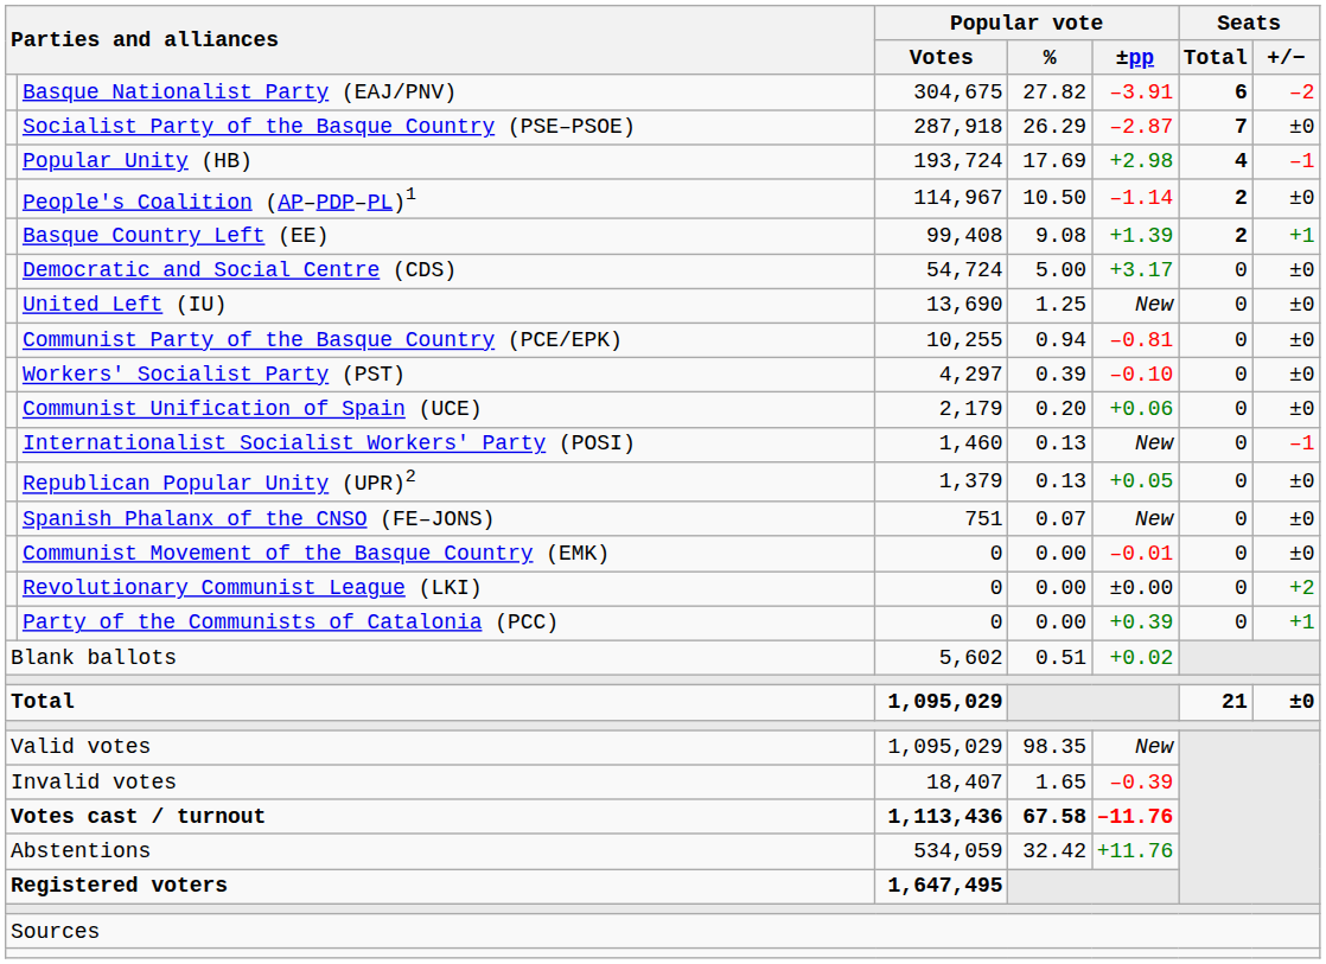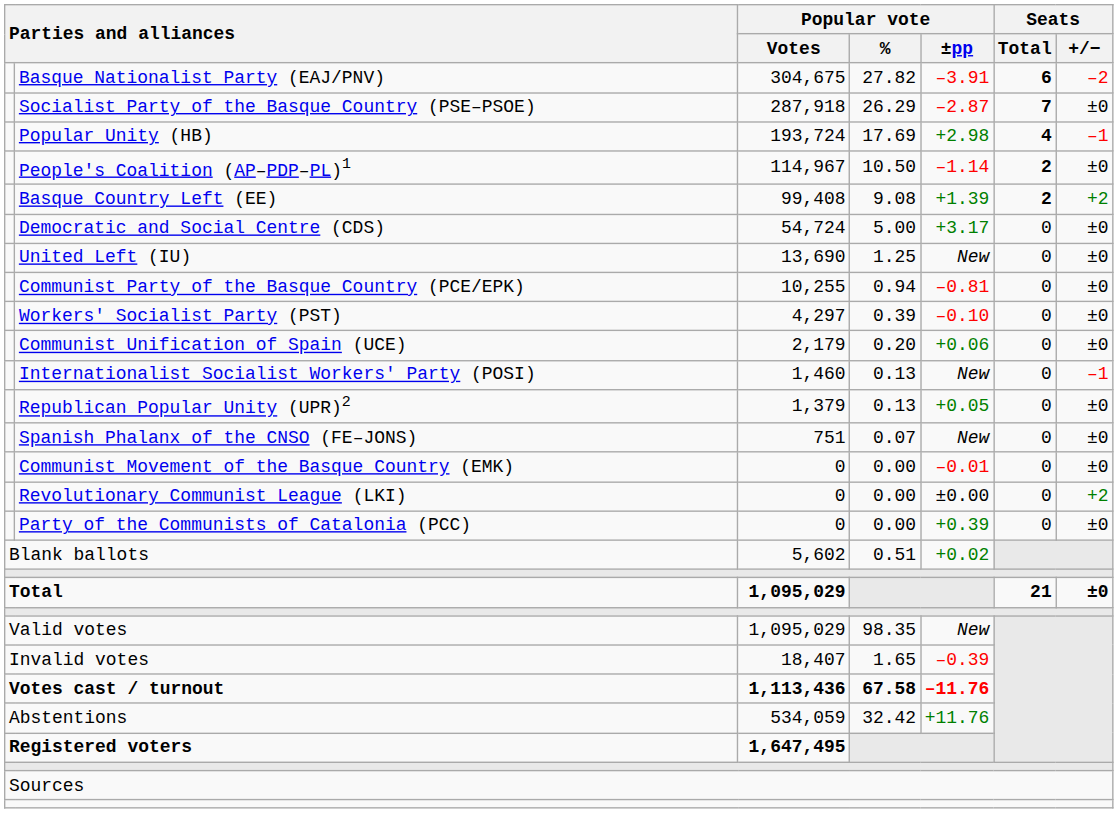 <table class="wikitable" style="text-align:right;">
 <tr>
 <th style="text-align:left;" rowspan="2" colspan="2" width="525">Parties and alliances</th>
 <th colspan="3">Popular vote</th>
 <th colspan="2">Seats</th>
 </tr>
 <tr>
 <th width="75">Votes</th>
 <th width="45">%</th>
 <th width="45">±<a href='#'>pp</a></th>
 <th width="35">Total</th>
 <th width="35">+/−</th>
 </tr>
 <tr>
 <td width="1" style="color:inherit;background:"></td>
 <td align="left"><a href='#'>Basque Nationalist Party</a> (EAJ/PNV)</td>
 <td>304,675</td>
 <td>27.82</td>
 <td style="color:red;">–3.91</td>
 <td><strong>6</strong></td>
 <td style="color:red;">–2</td>
 </tr>
 <tr>
 <td style="color:inherit;background:"></td>
 <td align="left"><a href='#'>Socialist Party of the Basque Country</a> (PSE–PSOE)</td>
 <td>287,918</td>
 <td>26.29</td>
 <td style="color:red;">–2.87</td>
 <td><strong>7</strong></td>
 <td>±0</td>
 </tr>
 <tr>
 <td style="color:inherit;background:"></td>
 <td align="left"><a href='#'>Popular Unity</a> (HB)</td>
 <td>193,724</td>
 <td>17.69</td>
 <td style="color:green;">+2.98</td>
 <td><strong>4</strong></td>
 <td style="color:red;">–1</td>
 </tr>
 <tr>
 <td style="color:inherit;background:"></td>
 <td align="left"><a href='#'>People's Coalition</a> (<a href='#'>AP</a>–<a href='#'>PDP</a>–<a href='#'>PL</a>)<sup>1</sup></td>
 <td>114,967</td>
 <td>10.50</td>
 <td style="color:red;">–1.14</td>
 <td><strong>2</strong></td>
 <td>±0</td>
 </tr>
 <tr>
 <td style="color:inherit;background:"></td>
 <td align="left"><a href='#'>Basque Country Left</a> (EE)</td>
 <td>99,408</td>
 <td>9.08</td>
 <td style="color:green;">+1.39</td>
 <td><strong>2</strong></td>
-<td style="color:green;">+1</td>
+<td style="color:green;">+2</td>
 </tr>
 <tr>
 <td style="color:inherit;background:"></td>
 <td align="left"><a href='#'>Democratic and Social Centre</a> (CDS)</td>
 <td>54,724</td>
 <td>5.00</td>
 <td style="color:green;">+3.17</td>
 <td>0</td>
 <td>±0</td>
 </tr>
 <tr>
 <td style="color:inherit;background:"></td>
 <td align="left"><a href='#'>United Left</a> (IU)</td>
 <td>13,690</td>
 <td>1.25</td>
 <td><em>New</em></td>
 <td>0</td>
 <td>±0</td>
 </tr>
 <tr>
 <td style="color:inherit;background:"></td>
 <td align="left"><a href='#'>Communist Party of the Basque Country</a> (PCE/EPK)</td>
 <td>10,255</td>
 <td>0.94</td>
 <td style="color:red;">–0.81</td>
 <td>0</td>
 <td>±0</td>
 </tr>
 <tr>
 <td style="color:inherit;background:"></td>
 <td align="left"><a href='#'>Workers' Socialist Party</a> (PST)</td>
 <td>4,297</td>
 <td>0.39</td>
 <td style="color:red;">–0.10</td>
 <td>0</td>
 <td>±0</td>
 </tr>
 <tr>
 <td style="color:inherit;background:"></td>
 <td align="left"><a href='#'>Communist Unification of Spain</a> (UCE)</td>
 <td>2,179</td>
 <td>0.20</td>
 <td style="color:green;">+0.06</td>
 <td>0</td>
 <td>±0</td>
 </tr>
 <tr>
 <td style="color:inherit;background:"></td>
 <td align="left"><a href='#'>Internationalist Socialist Workers' Party</a> (POSI)</td>
 <td>1,460</td>
 <td>0.13</td>
 <td><em>New</em></td>
 <td>0</td>
 <td style="color:red;">–1</td>
 </tr>
 <tr>
 <td style="color:inherit;background:"></td>
 <td align="left"><a href='#'>Republican Popular Unity</a> (UPR)<sup>2</sup></td>
 <td>1,379</td>
 <td>0.13</td>
 <td style="color:green;">+0.05</td>
 <td>0</td>
 <td>±0</td>
 </tr>
 <tr>
 <td style="color:inherit;background:"></td>
 <td align="left"><a href='#'>Spanish Phalanx of the CNSO</a> (FE–JONS)</td>
 <td>751</td>
 <td>0.07</td>
 <td><em>New</em></td>
 <td>0</td>
 <td>±0</td>
 </tr>
 <tr>
 <td style="color:inherit;background:"></td>
 <td align="left"><a href='#'>Communist Movement of the Basque Country</a> (EMK)</td>
 <td>0</td>
 <td>0.00</td>
 <td style="color:red;">–0.01</td>
 <td>0</td>
 <td>±0</td>
 </tr>
 <tr>
 <td style="color:inherit;background:"></td>
 <td align="left"><a href='#'>Revolutionary Communist League</a> (LKI)</td>
 <td>0</td>
 <td>0.00</td>
 <td>±0.00</td>
 <td>0</td>
 <td style="color:green;">+2</td>
 </tr>
 <tr>
 <td style="color:inherit;background:"></td>
 <td align="left"><a href='#'>Party of the Communists of Catalonia</a> (PCC)</td>
 <td>0</td>
 <td>0.00</td>
 <td style="color:green;">+0.39</td>
 <td>0</td>
-<td style="color:green;">+1</td>
+<td>±0</td>
 </tr>
 <tr>
 <td align="left" colspan="2">Blank ballots</td>
 <td>5,602</td>
 <td>0.51</td>
 <td style="color:green;">+0.02</td>
 <td bgcolor="#E9E9E9" colspan="2"></td>
 </tr>
 <tr>
 <td colspan="7" bgcolor="#E9E9E9"></td>
 </tr>
 <tr style="font-weight:bold;">
 <td align="left" colspan="2">Total</td>
 <td>1,095,029</td>
 <td bgcolor="#E9E9E9" colspan="2"></td>
 <td>21</td>
 <td>±0</td>
 </tr>
 <tr>
 <td colspan="7" bgcolor="#E9E9E9"></td>
 </tr>
 <tr>
 <td align="left" colspan="2">Valid votes</td>
 <td>1,095,029</td>
 <td>98.35</td>
 <td><em>New</em></td>
 <td bgcolor="#E9E9E9" colspan="2" rowspan="5"></td>
 </tr>
 <tr>
 <td align="left" colspan="2">Invalid votes</td>
 <td>18,407</td>
 <td>1.65</td>
 <td style="color:red;">–0.39</td>
 </tr>
 <tr style="font-weight:bold;">
 <td align="left" colspan="2">Votes cast / turnout</td>
 <td>1,113,436</td>
 <td>67.58</td>
 <td style="color:red;">–11.76</td>
 </tr>
 <tr>
 <td align="left" colspan="2">Abstentions</td>
 <td>534,059</td>
 <td>32.42</td>
 <td style="color:green;">+11.76</td>
 </tr>
 <tr style="font-weight:bold;">
 <td align="left" colspan="2">Registered voters</td>
 <td>1,647,495</td>
 <td bgcolor="#E9E9E9" colspan="2"></td>
 </tr>
 <tr>
 <td colspan="7" bgcolor="#E9E9E9"></td>
 </tr>
 <tr>
 <td align="left" colspan="7">Sources</td>
 </tr>
 <tr>
 <td colspan="7" style="text-align:left; max-width:790px;"></td>
 </tr>
 </table>
